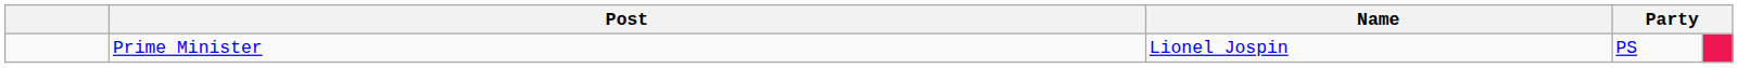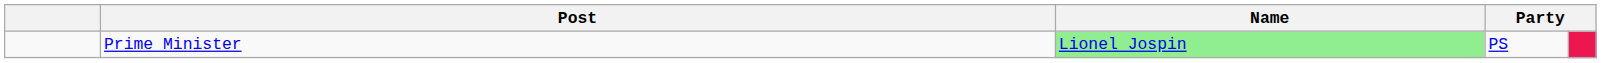 <table class="wikitable sortable" style="width:100%;">
 <tr>
 <th class="unsortable"></th>
 <th width="60%">Post</th>
 <th width="27%">Name</th>
 <th colspan="2" width="7%">Party</th>
 </tr>
 <tr>
 <td></td>
 <td><a href='#'>Prime Minister</a></td>
-<td><a href='#'>Lionel Jospin</a></td>
+<td style="background: lightgreen;"><a href='#'>Lionel Jospin</a></td>
 <td><a href='#'>PS</a></td>
 <td style="width:1px;; background:#ED1651;"></td>
 </tr>
 </table>
